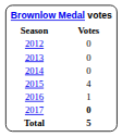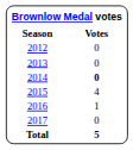 <table style="margin-right:4px; margin-top:8px; float:right; border:1px #000 solid; border-radius:8px; background:#fff; font-family:Verdana; font-size:8pt; text-align:center;">
 <tr style="background:#fff;">
 <td colspan="2;" style="padding:3px; margin-bottom:-3px; margin-top:2px; font-family:Arial; "><strong><a href='#'>Brownlow Medal</a> votes</strong></td>
 </tr>
 <tr>
 <th style="width:50%;">Season</th>
 <th style="width:50%;">Votes</th>
 </tr>
 <tr>
 <td><a href='#'>2012</a></td>
 <td>0</td>
 </tr>
 <tr>
 <td><a href='#'>2013</a></td>
 <td>0</td>
 </tr>
 <tr>
 <td><a href='#'>2014</a></td>
-<td>0</td>
+<td><strong>0</strong></td>
 </tr>
 <tr>
 <td><a href='#'>2015</a></td>
 <td>4</td>
 </tr>
 <tr>
 <td><a href='#'>2016</a></td>
 <td>1</td>
 </tr>
 <tr>
 <td><a href='#'>2017</a></td>
-<td><strong>0</strong></td>
+<td>0</td>
 </tr>
 <tr>
 <td><strong>Total</strong></td>
 <td><strong>5</strong><br></td>
 </tr>
 </table>
